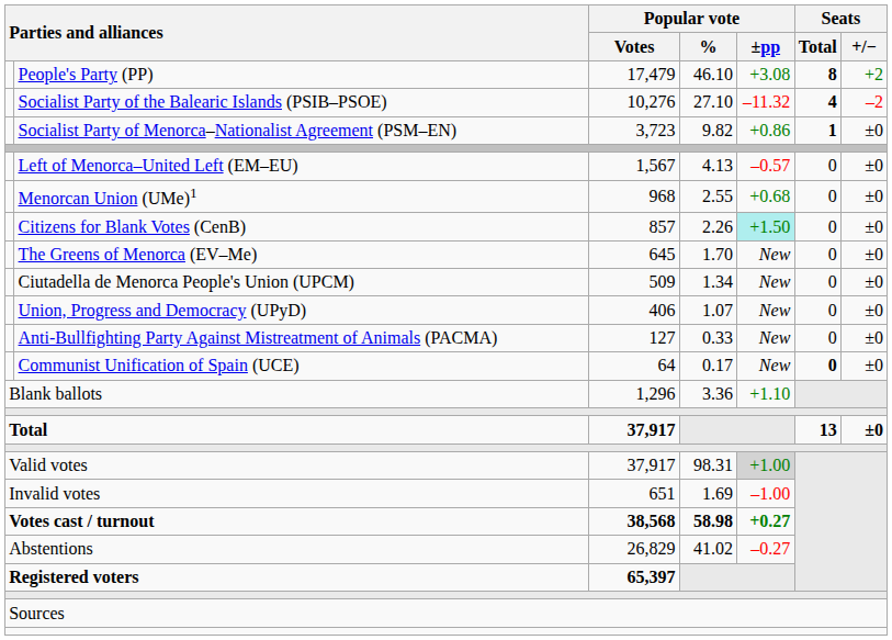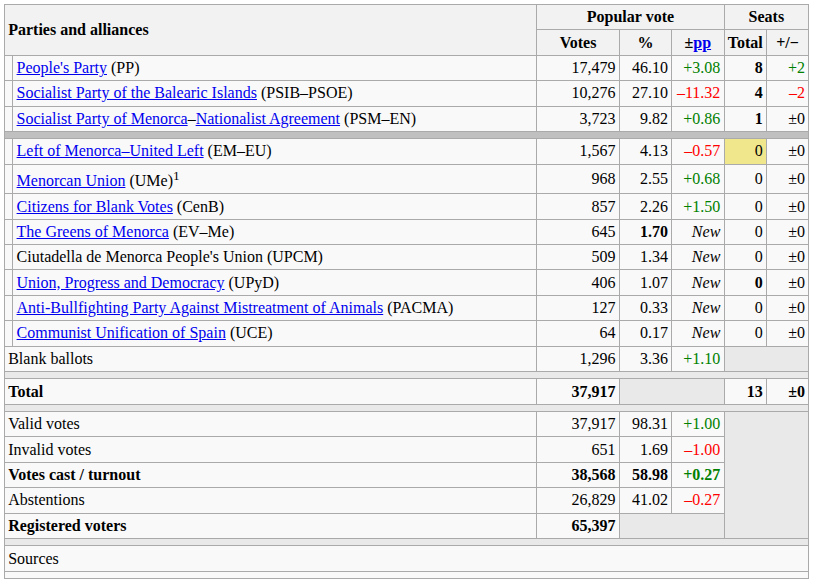 <table class="wikitable" style="text-align:right;">
 <tr>
 <th style="text-align:left;" rowspan="2" colspan="2" width="525">Parties and alliances</th>
 <th colspan="3">Popular vote</th>
 <th colspan="2">Seats</th>
 </tr>
 <tr>
 <th width="75">Votes</th>
 <th width="45">%</th>
 <th width="45">±<a href='#'>pp</a></th>
 <th width="35">Total</th>
 <th width="35">+/−</th>
 </tr>
 <tr>
 <td width="1" style="color:inherit;background:"></td>
 <td align="left"><a href='#'>People's Party</a> (PP)</td>
 <td>17,479</td>
 <td>46.10</td>
 <td style="color:green;">+3.08</td>
 <td><strong>8</strong></td>
 <td style="color:green;">+2</td>
 </tr>
 <tr>
 <td style="color:inherit;background:"></td>
 <td align="left"><a href='#'>Socialist Party of the Balearic Islands</a> (PSIB–PSOE)</td>
 <td>10,276</td>
 <td>27.10</td>
 <td style="color:red;">–11.32</td>
 <td><strong>4</strong></td>
 <td style="color:red;">–2</td>
 </tr>
 <tr>
 <td style="color:inherit;background:"></td>
 <td align="left"><a href='#'>Socialist Party of Menorca</a>–<a href='#'>Nationalist Agreement</a> (PSM–EN)</td>
 <td>3,723</td>
 <td>9.82</td>
 <td style="color:green;">+0.86</td>
 <td><strong>1</strong></td>
 <td>±0</td>
 </tr>
 <tr>
 <td colspan="7" bgcolor="#C0C0C0"></td>
 </tr>
 <tr>
 <td style="color:inherit;background:"></td>
 <td align="left"><a href='#'>Left of Menorca–United Left</a> (EM–EU)</td>
 <td>1,567</td>
 <td>4.13</td>
 <td style="color:red;">–0.57</td>
-<td>0</td>
+<td style="background: khaki;">0</td>
 <td>±0</td>
 </tr>
 <tr>
 <td style="color:inherit;background:"></td>
 <td align="left"><a href='#'>Menorcan Union</a> (UMe)<sup>1</sup></td>
 <td>968</td>
 <td>2.55</td>
 <td style="color:green;">+0.68</td>
 <td>0</td>
 <td>±0</td>
 </tr>
 <tr>
 <td style="color:inherit;background:"></td>
 <td align="left"><a href='#'>Citizens for Blank Votes</a> (CenB)</td>
 <td>857</td>
 <td>2.26</td>
-<td style="background: paleturquoise; color:green;">+1.50</td>
+<td style="color:green;">+1.50</td>
 <td>0</td>
 <td>±0</td>
 </tr>
 <tr>
 <td style="color:inherit;background:"></td>
 <td align="left"><a href='#'>The Greens of Menorca</a> (EV–Me)</td>
 <td>645</td>
-<td>1.70</td>
+<td><strong>1.70</strong></td>
 <td><em>New</em></td>
 <td>0</td>
 <td>±0</td>
 </tr>
 <tr>
 <td style="color:inherit;background:"></td>
 <td align="left">Ciutadella de Menorca People's Union (UPCM)</td>
 <td>509</td>
 <td>1.34</td>
 <td><em>New</em></td>
 <td>0</td>
 <td>±0</td>
 </tr>
 <tr>
 <td style="color:inherit;background:"></td>
 <td align="left"><a href='#'>Union, Progress and Democracy</a> (UPyD)</td>
 <td>406</td>
 <td>1.07</td>
 <td><em>New</em></td>
-<td>0</td>
+<td><strong>0</strong></td>
 <td>±0</td>
 </tr>
 <tr>
 <td style="color:inherit;background:"></td>
 <td align="left"><a href='#'>Anti-Bullfighting Party Against Mistreatment of Animals</a> (PACMA)</td>
 <td>127</td>
 <td>0.33</td>
 <td><em>New</em></td>
 <td>0</td>
 <td>±0</td>
 </tr>
 <tr>
 <td style="color:inherit;background:"></td>
 <td align="left"><a href='#'>Communist Unification of Spain</a> (UCE)</td>
 <td>64</td>
 <td>0.17</td>
 <td><em>New</em></td>
-<td><strong>0</strong></td>
+<td>0</td>
 <td>±0</td>
 </tr>
 <tr>
 <td align="left" colspan="2">Blank ballots</td>
 <td>1,296</td>
 <td>3.36</td>
 <td style="color:green;">+1.10</td>
 <td bgcolor="#E9E9E9" colspan="2"></td>
 </tr>
 <tr>
 <td colspan="7" bgcolor="#E9E9E9"></td>
 </tr>
 <tr style="font-weight:bold;">
 <td align="left" colspan="2">Total</td>
 <td>37,917</td>
 <td bgcolor="#E9E9E9" colspan="2"></td>
 <td>13</td>
 <td>±0</td>
 </tr>
 <tr>
 <td colspan="7" bgcolor="#E9E9E9"></td>
 </tr>
 <tr>
 <td align="left" colspan="2">Valid votes</td>
 <td>37,917</td>
 <td>98.31</td>
-<td style="background: lightgrey; color:green;">+1.00</td>
+<td style="color:green;">+1.00</td>
 <td bgcolor="#E9E9E9" colspan="2" rowspan="5"></td>
 </tr>
 <tr>
 <td align="left" colspan="2">Invalid votes</td>
 <td>651</td>
 <td>1.69</td>
 <td style="color:red;">–1.00</td>
 </tr>
 <tr style="font-weight:bold;">
 <td align="left" colspan="2">Votes cast / turnout</td>
 <td>38,568</td>
 <td>58.98</td>
 <td style="color:green;">+0.27</td>
 </tr>
 <tr>
 <td align="left" colspan="2">Abstentions</td>
 <td>26,829</td>
 <td>41.02</td>
 <td style="color:red;">–0.27</td>
 </tr>
 <tr style="font-weight:bold;">
 <td align="left" colspan="2">Registered voters</td>
 <td>65,397</td>
 <td bgcolor="#E9E9E9" colspan="2"></td>
 </tr>
 <tr>
 <td colspan="7" bgcolor="#E9E9E9"></td>
 </tr>
 <tr>
 <td align="left" colspan="7">Sources</td>
 </tr>
 <tr>
 <td colspan="7" style="text-align:left; max-width:790px;"></td>
 </tr>
 </table>
